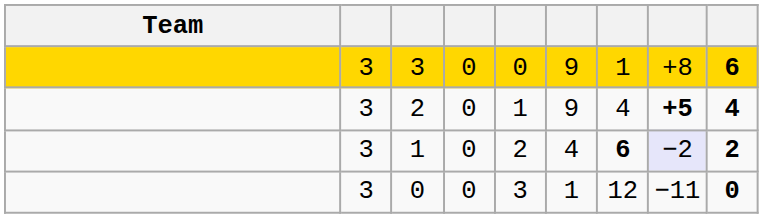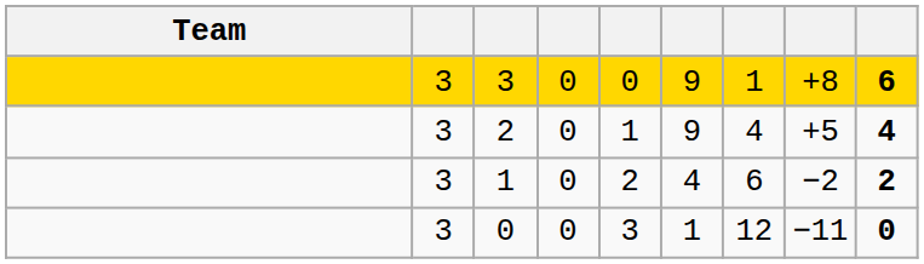 <table class="wikitable" style="text-align:center">
 <tr>
 <th width=165>Team</th>
 <th width=20></th>
 <th width=20></th>
 <th width=20></th>
 <th width=20></th>
 <th width=20></th>
 <th width=20></th>
 <th width=20></th>
 <th width=20></th>
 </tr>
 <tr align=center bgcolor=gold>
 <td align=left></td>
 <td>3</td>
 <td>3</td>
 <td>0</td>
 <td>0</td>
 <td>9</td>
 <td>1</td>
 <td>+8</td>
 <td><strong>6</strong></td>
 </tr>
 <tr align=center>
 <td align=left></td>
 <td>3</td>
 <td>2</td>
 <td>0</td>
 <td>1</td>
 <td>9</td>
 <td>4</td>
-<td><strong>+5</strong></td>
+<td>+5</td>
 <td><strong>4</strong></td>
 </tr>
 <tr align=center>
 <td align=left></td>
 <td>3</td>
 <td>1</td>
 <td>0</td>
 <td>2</td>
 <td>4</td>
-<td><strong>6</strong></td>
-<td style="background: lavender;">−2</td>
+<td>6</td>
+<td>−2</td>
 <td><strong>2</strong></td>
 </tr>
 <tr align=center>
 <td align=left></td>
 <td>3</td>
 <td>0</td>
 <td>0</td>
 <td>3</td>
 <td>1</td>
 <td>12</td>
 <td>−11</td>
 <td><strong>0</strong></td>
 </tr>
 </table>
